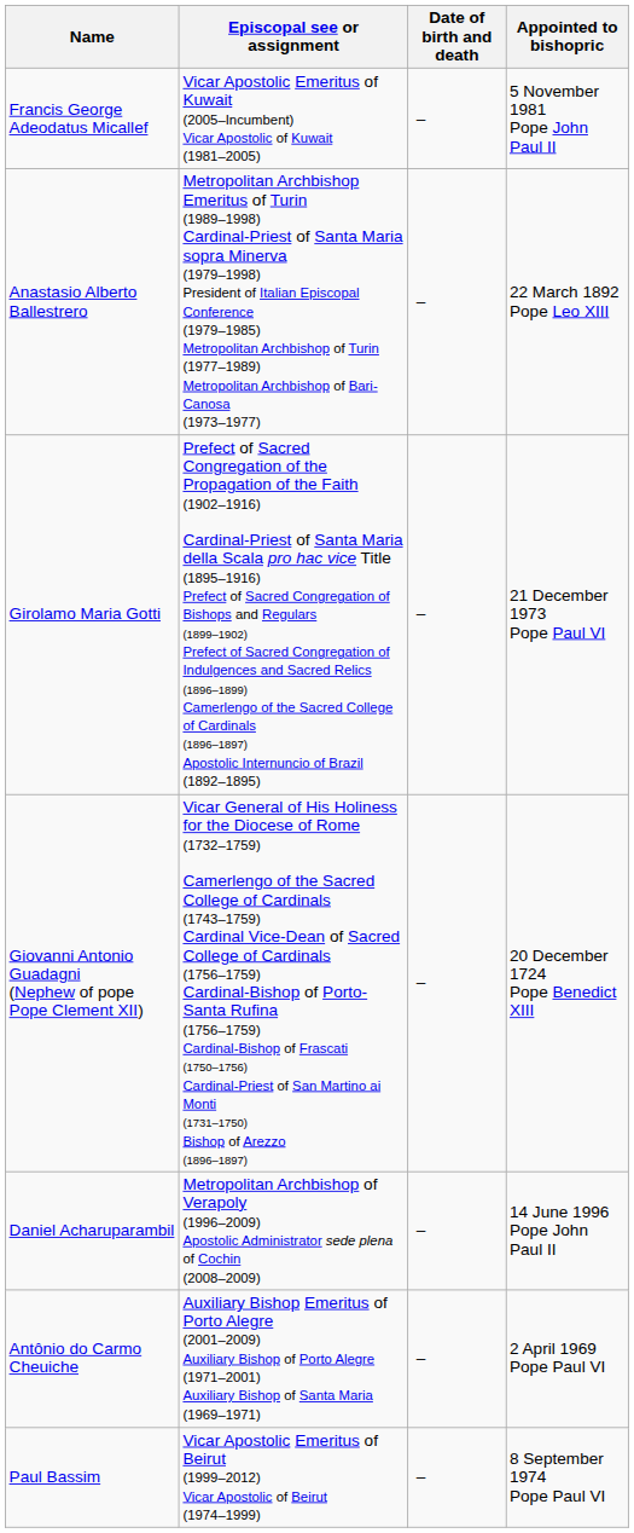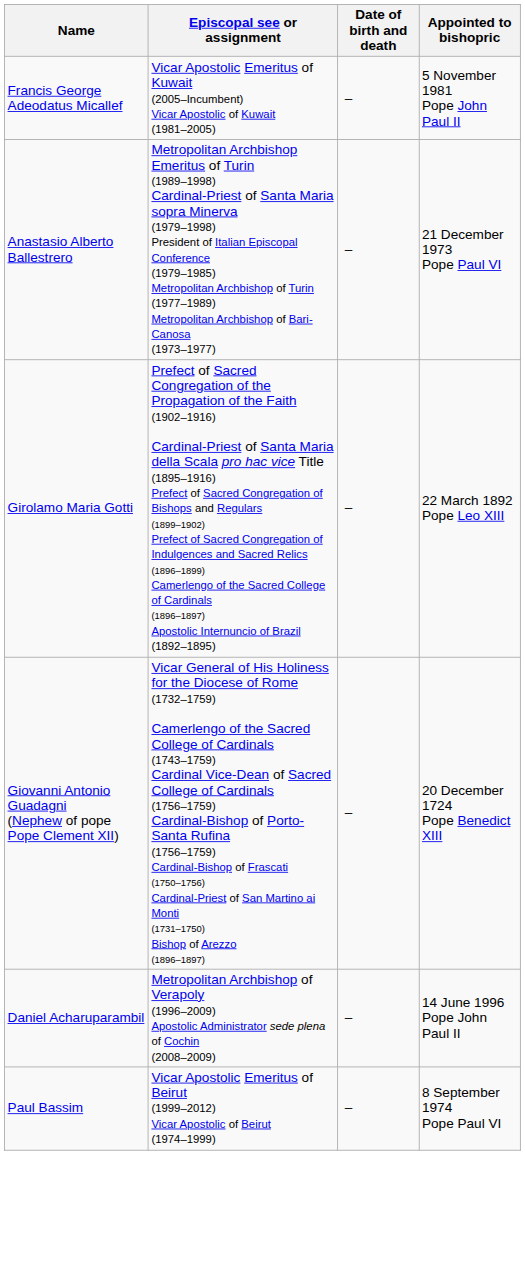 <table class="wikitable">
 <tr>
 <th> Name</th>
 <th><a href='#'>Episcopal see</a> or assignment</th>
 <th>Date of birth and death</th>
 <th>Appointed to bishopric</th>
 </tr>
 <tr>
 <td><a href='#'>Francis George Adeodatus Micallef</a></td>
 <td> <a href='#'>Vicar Apostolic</a> <a href='#'>Emeritus</a> of <a href='#'>Kuwait</a><br><small>(2005–Incumbent) </small><br> <small><a href='#'>Vicar Apostolic</a> of <a href='#'>Kuwait</a><br>(1981–2005)<br></small></td>
 <td> – </td>
 <td>5 November 1981<br>Pope <a href='#'>John Paul II</a></td>
 </tr>
 <tr>
 <td><a href='#'>Anastasio Alberto Ballestrero</a></td>
 <td> <a href='#'>Metropolitan Archbishop</a> <a href='#'>Emeritus</a> of <a href='#'>Turin</a><br><small>(1989–1998)</small><br> <a href='#'>Cardinal-Priest</a> of <a href='#'>Santa Maria sopra Minerva</a><br><small>(1979–1998)</small><br>    <small>President of <a href='#'>Italian Episcopal Conference</a><br>(1979–1985)<br>  <a href='#'>Metropolitan Archbishop</a> of <a href='#'>Turin</a><br>(1977–1989)<br>  <a href='#'>Metropolitan Archbishop</a> of <a href='#'>Bari-Canosa</a><br>(1973–1977)</small></td>
 <td> – </td>
-<td>22 March 1892<br>Pope <a href='#'>Leo XIII</a></td>
+<td>21 December 1973<br>Pope <a href='#'>Paul VI</a></td>
 </tr>
 <tr>
 <td><a href='#'>Girolamo Maria Gotti</a></td>
 <td> <a href='#'>Prefect</a> of <a href='#'>Sacred Congregation of the Propagation of the Faith</a><br><small>(1902–1916)</small><br><br> <a href='#'>Cardinal-Priest</a> of <a href='#'>Santa Maria della Scala</a> <em><a href='#'>pro hac vice</a></em> Title<br><small>(1895–1916)</small><br>  <small><a href='#'>Prefect</a> of <a href='#'>Sacred Congregation of Bishops</a> and <a href='#'>Regulars</a><br><small>(1899–1902)</small><br>  <a href='#'>Prefect of Sacred Congregation of Indulgences and Sacred Relics</a><br><small>(1896–1899)</small><br>  <a href='#'>Camerlengo of the Sacred College of Cardinals</a><br><small>(1896–1897)</small><br>  <a href='#'>Apostolic Internuncio of Brazil</a><br>(1892–1895)<br> </small></td>
 <td> – </td>
-<td>21 December 1973<br>Pope <a href='#'>Paul VI</a></td>
+<td>22 March 1892<br>Pope <a href='#'>Leo XIII</a></td>
 </tr>
 <tr>
 <td><a href='#'>Giovanni Antonio Guadagni</a><br>(<a href='#'>Nephew</a> of pope <a href='#'>Pope Clement XII</a>)</td>
 <td> <a href='#'>Vicar General of His Holiness for the Diocese of Rome</a><br><small>(1732–1759)</small><br><br> <a href='#'>Camerlengo of the Sacred College of Cardinals</a><br><small>(1743–1759)</small><br>  <a href='#'>Cardinal Vice-Dean</a> of <a href='#'>Sacred College of Cardinals</a><br><small>(1756–1759)</small><br>  <a href='#'>Cardinal-Bishop</a> of <a href='#'>Porto-Santa Rufina</a><br><small>(1756–1759)</small><br>  <small><a href='#'>Cardinal-Bishop</a> of <a href='#'>Frascati</a><br><small>(1750–1756)</small><br>  <a href='#'>Cardinal-Priest</a> of <a href='#'>San Martino ai Monti</a><br><small>(1731–1750)</small><br>  <a href='#'>Bishop</a> of <a href='#'>Arezzo</a><br><small>(1896–1897)</small><br></small></td>
 <td> – </td>
 <td>20 December 1724<br>Pope <a href='#'>Benedict XIII</a></td>
 </tr>
 <tr>
 <td><a href='#'>Daniel Acharuparambil</a></td>
 <td> <a href='#'>Metropolitan Archbishop</a> of <a href='#'>Verapoly</a><br><small>(1996–2009) </small><br> <small><a href='#'>Apostolic Administrator</a> <em>sede plena</em> of <a href='#'> Cochin</a><br>(2008–2009)</small></td>
 <td> – </td>
 <td>14 June 1996<br>Pope John Paul II</td>
 </tr>
 <tr>
-<td><a href='#'>Antônio do Carmo Cheuiche</a></td>
-<td> <a href='#'>Auxiliary Bishop</a> <a href='#'>Emeritus</a> of <a href='#'>Porto Alegre</a><br><small>(2001–2009) </small><br> <small><a href='#'>Auxiliary Bishop</a> of <a href='#'>Porto Alegre</a><br>(1971–2001)<br> <a href='#'>Auxiliary Bishop</a> of <a href='#'>Santa Maria</a><br>(1969–1971)</small></td>
-<td> – </td>
-<td>2 April 1969<br>Pope Paul VI</td>
-</tr>
-<tr>
 <td><a href='#'>Paul Bassim</a></td>
 <td> <a href='#'>Vicar Apostolic</a> <a href='#'>Emeritus</a> of <a href='#'>Beirut</a><br><small>(1999–2012) </small><br> <small><a href='#'>Vicar Apostolic</a> of <a href='#'>Beirut</a><br>(1974–1999)</small></td>
 <td> – </td>
 <td>8 September 1974<br>Pope Paul VI</td>
 </tr>
 </table>
